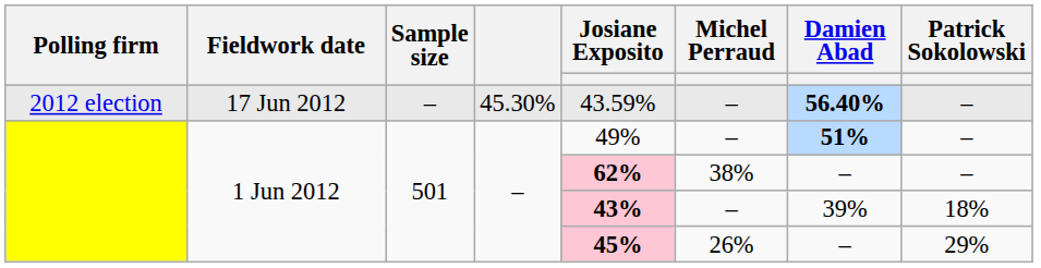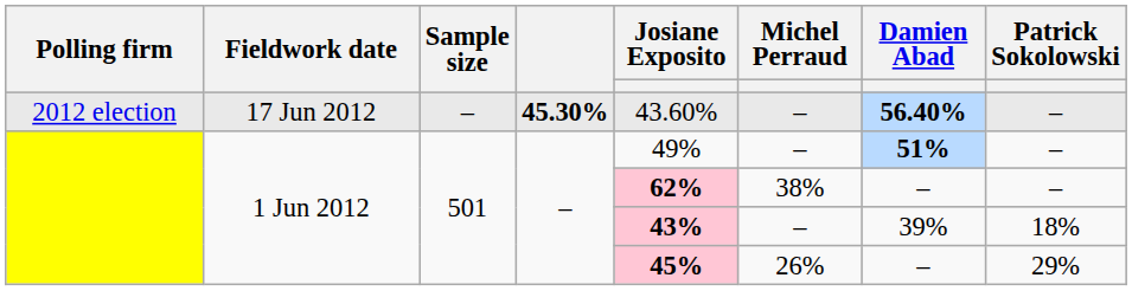 <table class="wikitable sortable" style="text-align:center;font-size:90%;line-height:14px;">
 <tr style="height:40px;">
 <th style="width:100px;" rowspan="2">Polling firm</th>
 <th style="width:110px;" rowspan="2">Fieldwork date</th>
 <th style="width:35px;" rowspan="2">Sample<br>size</th>
 <th style="width:30px;" rowspan="2"></th>
 <th class="unsortable" style="width:60px;">Josiane Exposito<br></th>
 <th class="unsortable" style="width:60px;">Michel Perraud<br></th>
 <th class="unsortable" style="width:60px;"><a href='#'>Damien Abad</a><br></th>
 <th class="unsortable" style="width:60px;">Patrick Sokolowski<br></th>
 </tr>
 <tr>
 <th style="background:"></th>
 <th style="background:"></th>
 <th style="background:"></th>
 <th style="background:"></th>
 </tr>
 <tr style="background:#E9E9E9;">
 <td><a href='#'>2012 election</a></td>
 <td data-sort-value="2012-06-17">17 Jun 2012</td>
 <td>–</td>
-<td>45.30%</td>
-<td>43.59%</td>
+<td><strong>45.30%</strong></td>
+<td>43.60%</td>
 <td>–</td>
 <td style="background:#B9DAFF;"><strong>56.40%</strong></td>
 <td>–</td>
 </tr>
 <tr>
 <td rowspan="4" style="background:yellow;"></td>
 <td rowspan="4" data-sort-value="2012-06-01">1 Jun 2012</td>
 <td rowspan="4">501</td>
 <td rowspan="4">–</td>
 <td>49%</td>
 <td>–</td>
 <td style="background:#B9DAFF;"><strong>51%</strong></td>
 <td>–</td>
 </tr>
 <tr>
 <td style="background:#FFC6D5;"><strong>62%</strong></td>
 <td>38%</td>
 <td>–</td>
 <td>–</td>
 </tr>
 <tr>
 <td style="background:#FFC6D5;"><strong>43%</strong></td>
 <td>–</td>
 <td>39%</td>
 <td>18%</td>
 </tr>
 <tr>
 <td style="background:#FFC6D5;"><strong>45%</strong></td>
 <td>26%</td>
 <td>–</td>
 <td>29%</td>
 </tr>
 </table>
